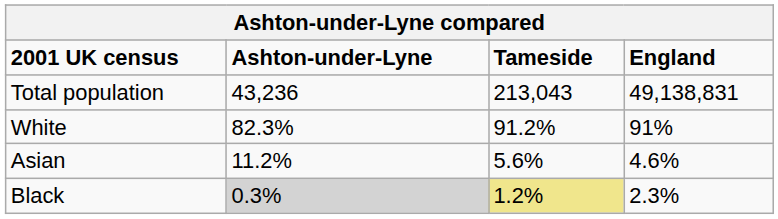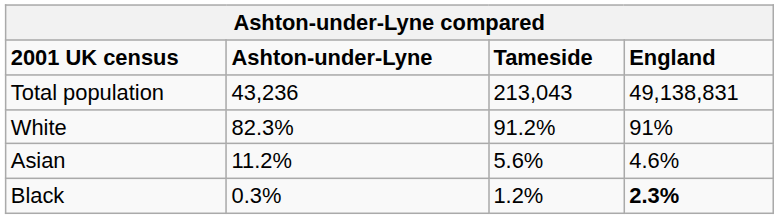 <table class="wikitable" style="float: right; margin-left: 2em; width: 40%; font-size: 90%;" cellspacing="3">
 <tr>
 <th colspan="4"><strong>Ashton-under-Lyne compared</strong></th>
 </tr>
 <tr>
 <td><strong>2001 UK census</strong></td>
 <td><strong>Ashton-under-Lyne</strong></td>
 <td><strong>Tameside</strong></td>
 <td><strong>England</strong></td>
 </tr>
 <tr>
 <td>Total population</td>
 <td>43,236</td>
 <td>213,043</td>
 <td>49,138,831</td>
 </tr>
 <tr>
 <td>White</td>
 <td>82.3%</td>
 <td>91.2%</td>
 <td>91%</td>
 </tr>
 <tr>
 <td>Asian</td>
 <td>11.2%</td>
 <td>5.6%</td>
 <td>4.6%</td>
 </tr>
 <tr>
 <td>Black</td>
-<td style="background: lightgrey;">0.3%</td>
-<td style="background: khaki;">1.2%</td>
-<td>2.3%</td>
+<td>0.3%</td>
+<td>1.2%</td>
+<td><strong>2.3%</strong></td>
 </tr>
 </table>
